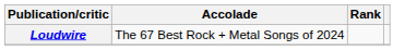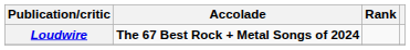 <table class="wikitable sortable plainrowheaders">
 <tr>
 <th scope="col">Publication/critic</th>
 <th scope="col">Accolade</th>
 <th scope="col">Rank</th>
 <th scope="col" class="unsortable"></th>
 </tr>
 <tr>
 <th scope="row"><em><a href='#'>Loudwire</a></em></th>
-<td>The 67 Best Rock + Metal Songs of 2024</td>
+<td><strong>The 67 Best Rock + Metal Songs of 2024</strong></td>
 <td></td>
 <td style="text-align: center;"></td>
 </tr>
 <tr>
 </tr>
 </table>
